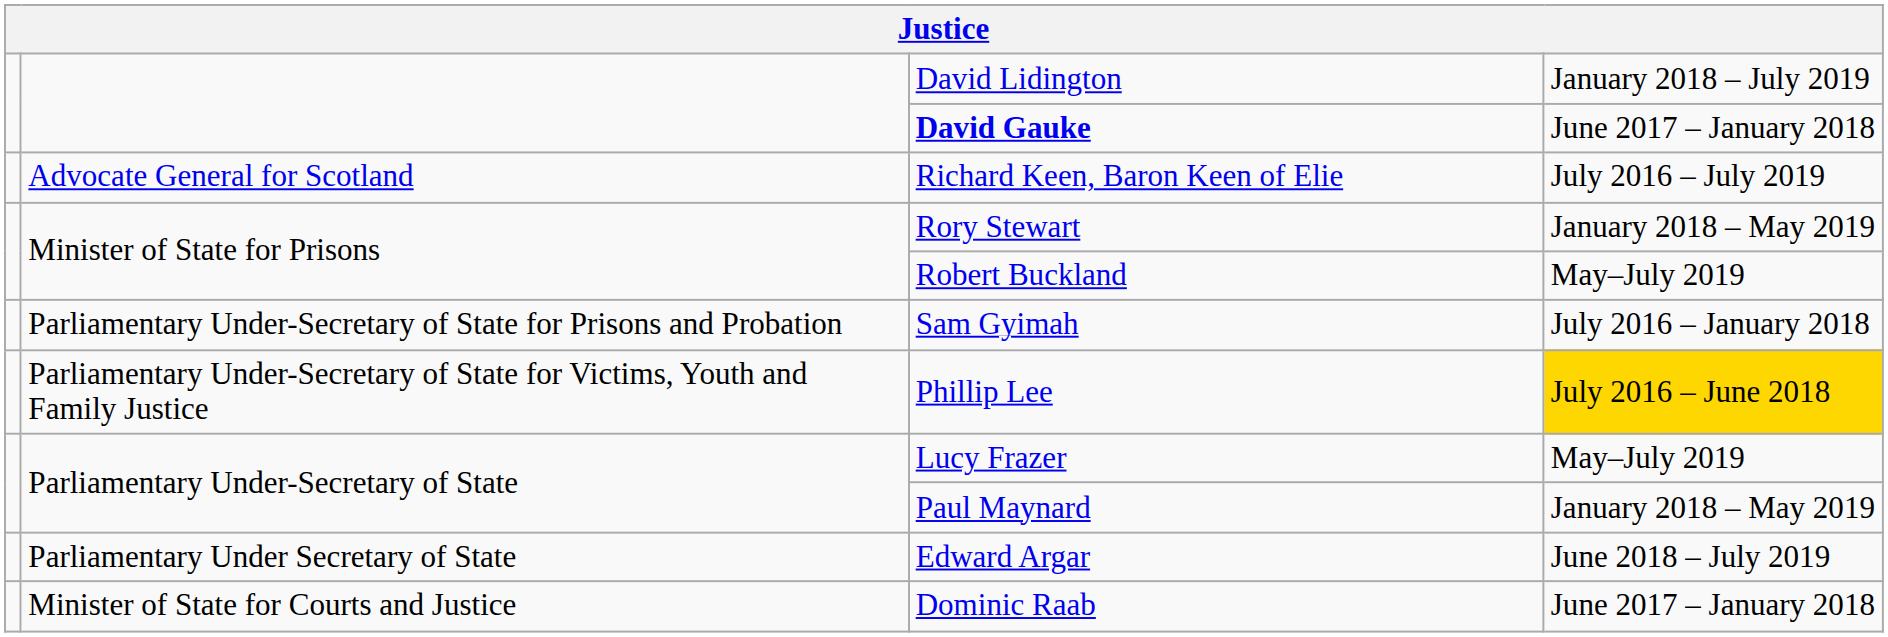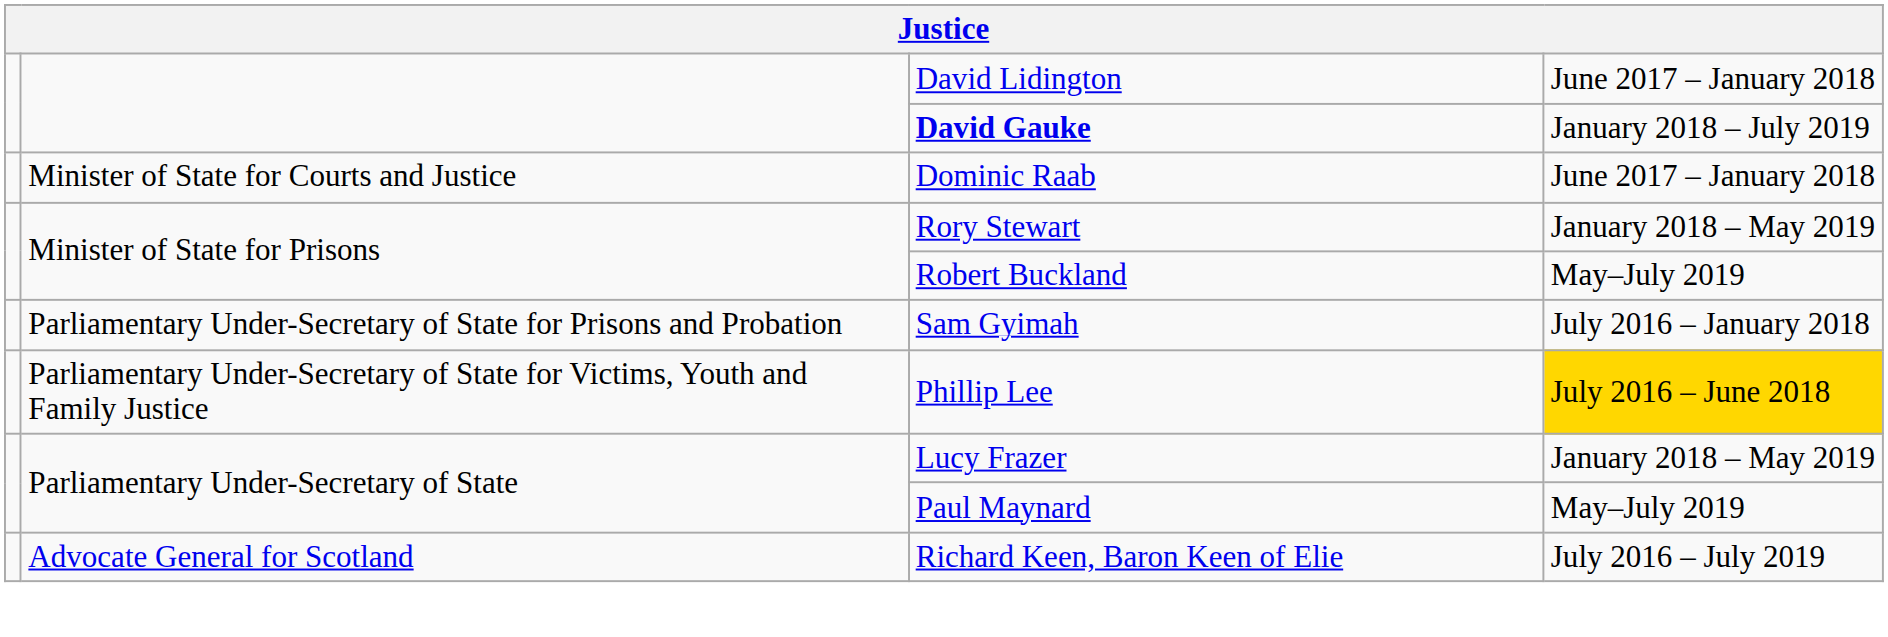 <table class="wikitable">
 <tr>
 <th colspan="4"><a href='#'>Justice</a></th>
 </tr>
 <tr>
 <td rowspan="2" style="width: 1px; background: "></td>
 <td rowspan="2" style="width: 450px;"></td>
 <td style="width: 320px;"><a href='#'>David Lidington</a></td>
+<td>June 2017 – January 2018</td>
+</tr>
+<tr>
+<td style="width: 320px;"><strong><a href='#'>David Gauke</a></strong></td>
 <td>January 2018 – July 2019</td>
 </tr>
 <tr>
-<td style="width: 320px;"><strong><a href='#'>David Gauke</a></strong></td>
+<td style="width: 1px; background: "></td>
+<td>Minister of State for Courts and Justice</td>
+<td><a href='#'>Dominic Raab</a></td>
 <td>June 2017 – January 2018</td>
-</tr>
-<tr>
-<td style="width: 1px; background: "></td>
-<td><a href='#'>Advocate General for Scotland</a></td>
-<td><a href='#'>Richard Keen, Baron Keen of Elie</a></td>
-<td>July 2016 – July 2019</td>
 </tr>
 <tr>
 <td rowspan="2" style="width: 1px; background: "></td>
 <td rowspan="2">Minister of State for Prisons</td>
 <td><a href='#'>Rory Stewart</a></td>
 <td>January 2018 – May 2019</td>
 </tr>
 <tr>
 <td><a href='#'>Robert Buckland</a></td>
 <td>May–July 2019</td>
 </tr>
 <tr>
 <td style="width: 1px; background: "></td>
 <td>Parliamentary Under-Secretary of State for Prisons and Probation</td>
 <td><a href='#'>Sam Gyimah</a></td>
 <td>July 2016 – January 2018</td>
 </tr>
 <tr>
 <td style="width: 1px; background: "></td>
 <td>Parliamentary Under-Secretary of State for Victims, Youth and Family Justice</td>
 <td><a href='#'>Phillip Lee</a></td>
 <td style="background: gold;">July 2016 – June 2018</td>
 </tr>
 <tr>
 <td rowspan="2" style="width: 1px; background: "></td>
 <td rowspan="2">Parliamentary Under-Secretary of State</td>
 <td><a href='#'>Lucy Frazer</a></td>
+<td>January 2018 – May 2019</td>
+</tr>
+<tr>
+<td><a href='#'>Paul Maynard</a></td>
 <td>May–July 2019</td>
 </tr>
 <tr>
-<td><a href='#'>Paul Maynard</a></td>
-<td>January 2018 – May 2019</td>
-</tr>
-<tr>
 <td style="width: 1px; background: "></td>
-<td>Parliamentary Under Secretary of State</td>
-<td><a href='#'>Edward Argar</a></td>
-<td>June 2018 – July 2019</td>
-</tr>
-<tr>
-<td style="width: 1px; background: "></td>
-<td>Minister of State for Courts and Justice</td>
-<td><a href='#'>Dominic Raab</a></td>
-<td>June 2017 – January 2018</td>
+<td><a href='#'>Advocate General for Scotland</a></td>
+<td><a href='#'>Richard Keen, Baron Keen of Elie</a></td>
+<td>July 2016 – July 2019</td>
 </tr>
 </table>
